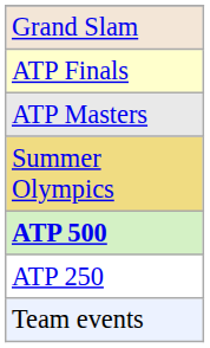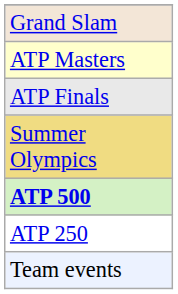 <table class="wikitable"  style="font-size:95%; width:13%;">
 <tr>
 </tr>
 <tr style="background:#f3e6d7;">
 <td><a href='#'>Grand Slam</a></td>
 </tr>
 <tr style="background:#ffc;">
-<td><a href='#'>ATP Finals</a></td>
+<td><a href='#'>ATP Masters</a></td>
 </tr>
 <tr style="background:#e9e9e9;">
-<td><a href='#'>ATP Masters</a></td>
+<td><a href='#'>ATP Finals</a></td>
 </tr>
 <tr style="background:#f0dc82;">
 <td><a href='#'>Summer Olympics</a></td>
 </tr>
 <tr style="background:#d4f1c5;">
 <td><strong><a href='#'>ATP 500</a></strong></td>
 </tr>
 <tr style="background:#fff;">
 <td><a href='#'>ATP 250</a></td>
 </tr>
 <tr style="background:#ecf2ff;">
 <td>Team events</td>
 </tr>
 </table>
